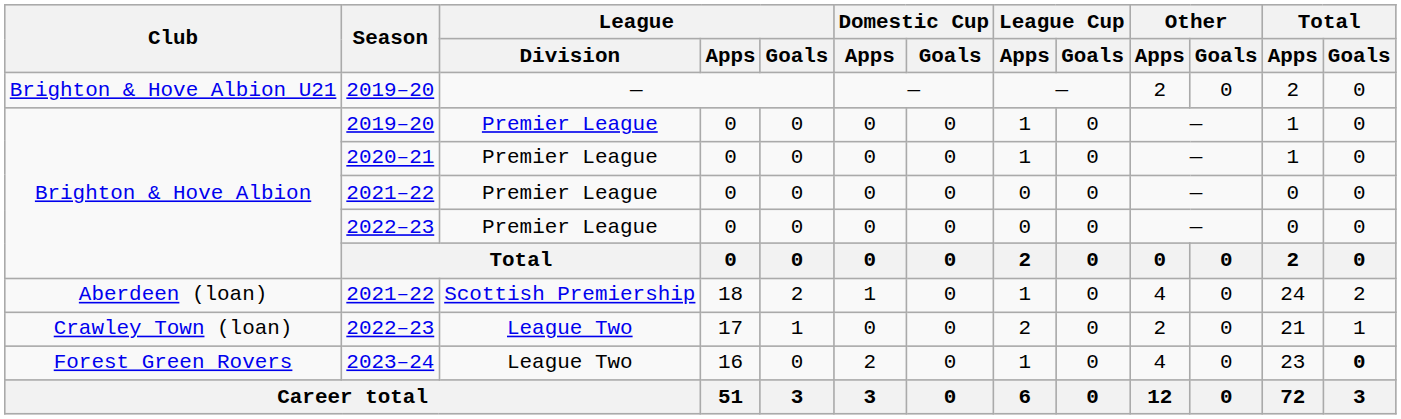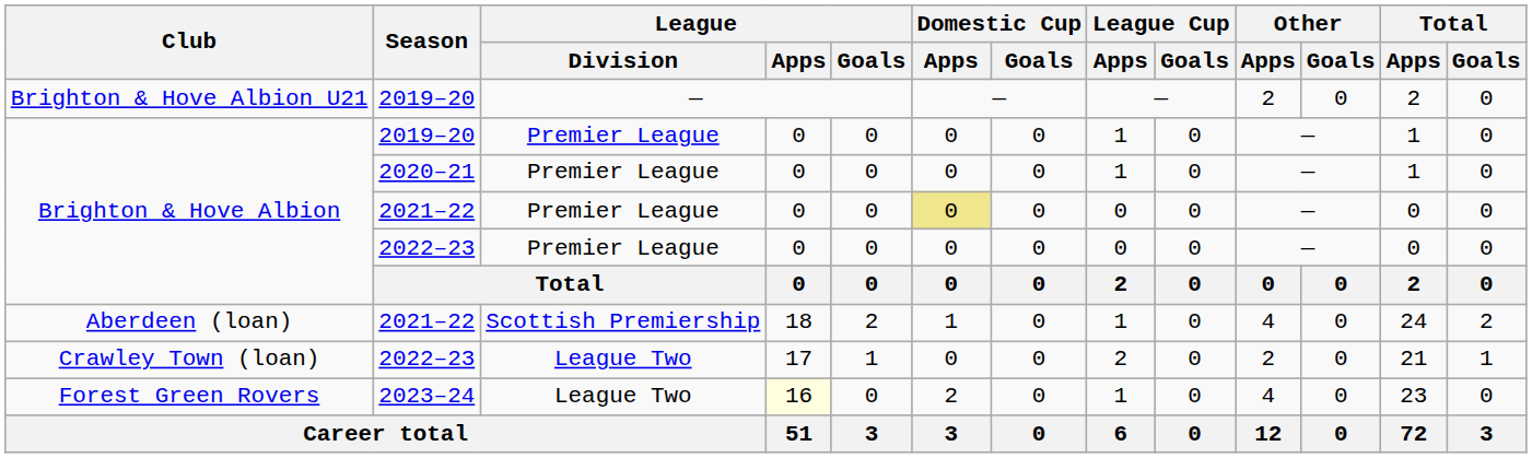 <table class=wikitable style="text-align: center;">
 <tr>
 <th rowspan=2>Club</th>
 <th rowspan=2>Season</th>
 <th colspan=3>League</th>
 <th colspan=2>Domestic Cup</th>
 <th colspan=2>League Cup</th>
 <th colspan=2>Other</th>
 <th colspan=2>Total</th>
 </tr>
 <tr>
 <th>Division</th>
 <th>Apps</th>
 <th>Goals</th>
 <th>Apps</th>
 <th>Goals</th>
 <th>Apps</th>
 <th>Goals</th>
 <th>Apps</th>
 <th>Goals</th>
 <th>Apps</th>
 <th>Goals</th>
 </tr>
 <tr>
 <td><a href='#'>Brighton & Hove Albion U21</a></td>
 <td><a href='#'>2019–20</a></td>
 <td colspan=3>—</td>
 <td colspan=2>—</td>
 <td colspan=2>—</td>
 <td>2</td>
 <td>0</td>
 <td>2</td>
 <td>0</td>
 </tr>
 <tr>
 <td rowspan=5><a href='#'>Brighton & Hove Albion</a></td>
 <td><a href='#'>2019–20</a></td>
 <td><a href='#'>Premier League</a></td>
 <td>0</td>
 <td>0</td>
 <td>0</td>
 <td>0</td>
 <td>1</td>
 <td>0</td>
 <td colspan=2>—</td>
 <td>1</td>
 <td>0</td>
 </tr>
 <tr>
 <td><a href='#'>2020–21</a></td>
 <td>Premier League</td>
 <td>0</td>
 <td>0</td>
 <td>0</td>
 <td>0</td>
 <td>1</td>
 <td>0</td>
 <td colspan=2>—</td>
 <td>1</td>
 <td>0</td>
 </tr>
 <tr>
 <td><a href='#'>2021–22</a></td>
 <td>Premier League</td>
 <td>0</td>
 <td>0</td>
-<td>0</td>
+<td style="background: khaki;">0</td>
 <td>0</td>
 <td>0</td>
 <td>0</td>
 <td colspan=2>—</td>
 <td>0</td>
 <td>0</td>
 </tr>
 <tr>
 <td><a href='#'>2022–23</a></td>
 <td>Premier League</td>
 <td>0</td>
 <td>0</td>
 <td>0</td>
 <td>0</td>
 <td>0</td>
 <td>0</td>
 <td colspan=2>—</td>
 <td>0</td>
 <td>0</td>
 </tr>
 <tr>
 <th colspan=2>Total</th>
 <th>0</th>
 <th>0</th>
 <th>0</th>
 <th>0</th>
 <th>2</th>
 <th>0</th>
 <th>0</th>
 <th>0</th>
 <th>2</th>
 <th>0</th>
 </tr>
 <tr>
 <td><a href='#'>Aberdeen</a> (loan)</td>
 <td><a href='#'>2021–22</a></td>
 <td><a href='#'>Scottish Premiership</a></td>
 <td>18</td>
 <td>2</td>
 <td>1</td>
 <td>0</td>
 <td>1</td>
 <td>0</td>
 <td>4</td>
 <td>0</td>
 <td>24</td>
 <td>2</td>
 </tr>
 <tr>
 <td><a href='#'>Crawley Town</a> (loan)</td>
 <td><a href='#'>2022–23</a></td>
 <td><a href='#'>League Two</a></td>
 <td>17</td>
 <td>1</td>
 <td>0</td>
 <td>0</td>
 <td>2</td>
 <td>0</td>
 <td>2</td>
 <td>0</td>
 <td>21</td>
 <td>1</td>
 </tr>
 <tr>
 <td><a href='#'>Forest Green Rovers</a></td>
 <td><a href='#'>2023–24</a></td>
 <td>League Two</td>
-<td>16</td>
+<td style="background: lightyellow;">16</td>
 <td>0</td>
 <td>2</td>
 <td>0</td>
 <td>1</td>
 <td>0</td>
 <td>4</td>
 <td>0</td>
 <td>23</td>
-<td><strong>0</strong></td>
+<td>0</td>
 </tr>
 <tr>
 <th colspan=3>Career total</th>
 <th>51</th>
 <th>3</th>
 <th>3</th>
 <th>0</th>
 <th>6</th>
 <th>0</th>
 <th>12</th>
 <th>0</th>
 <th>72</th>
 <th>3</th>
 </tr>
 </table>
